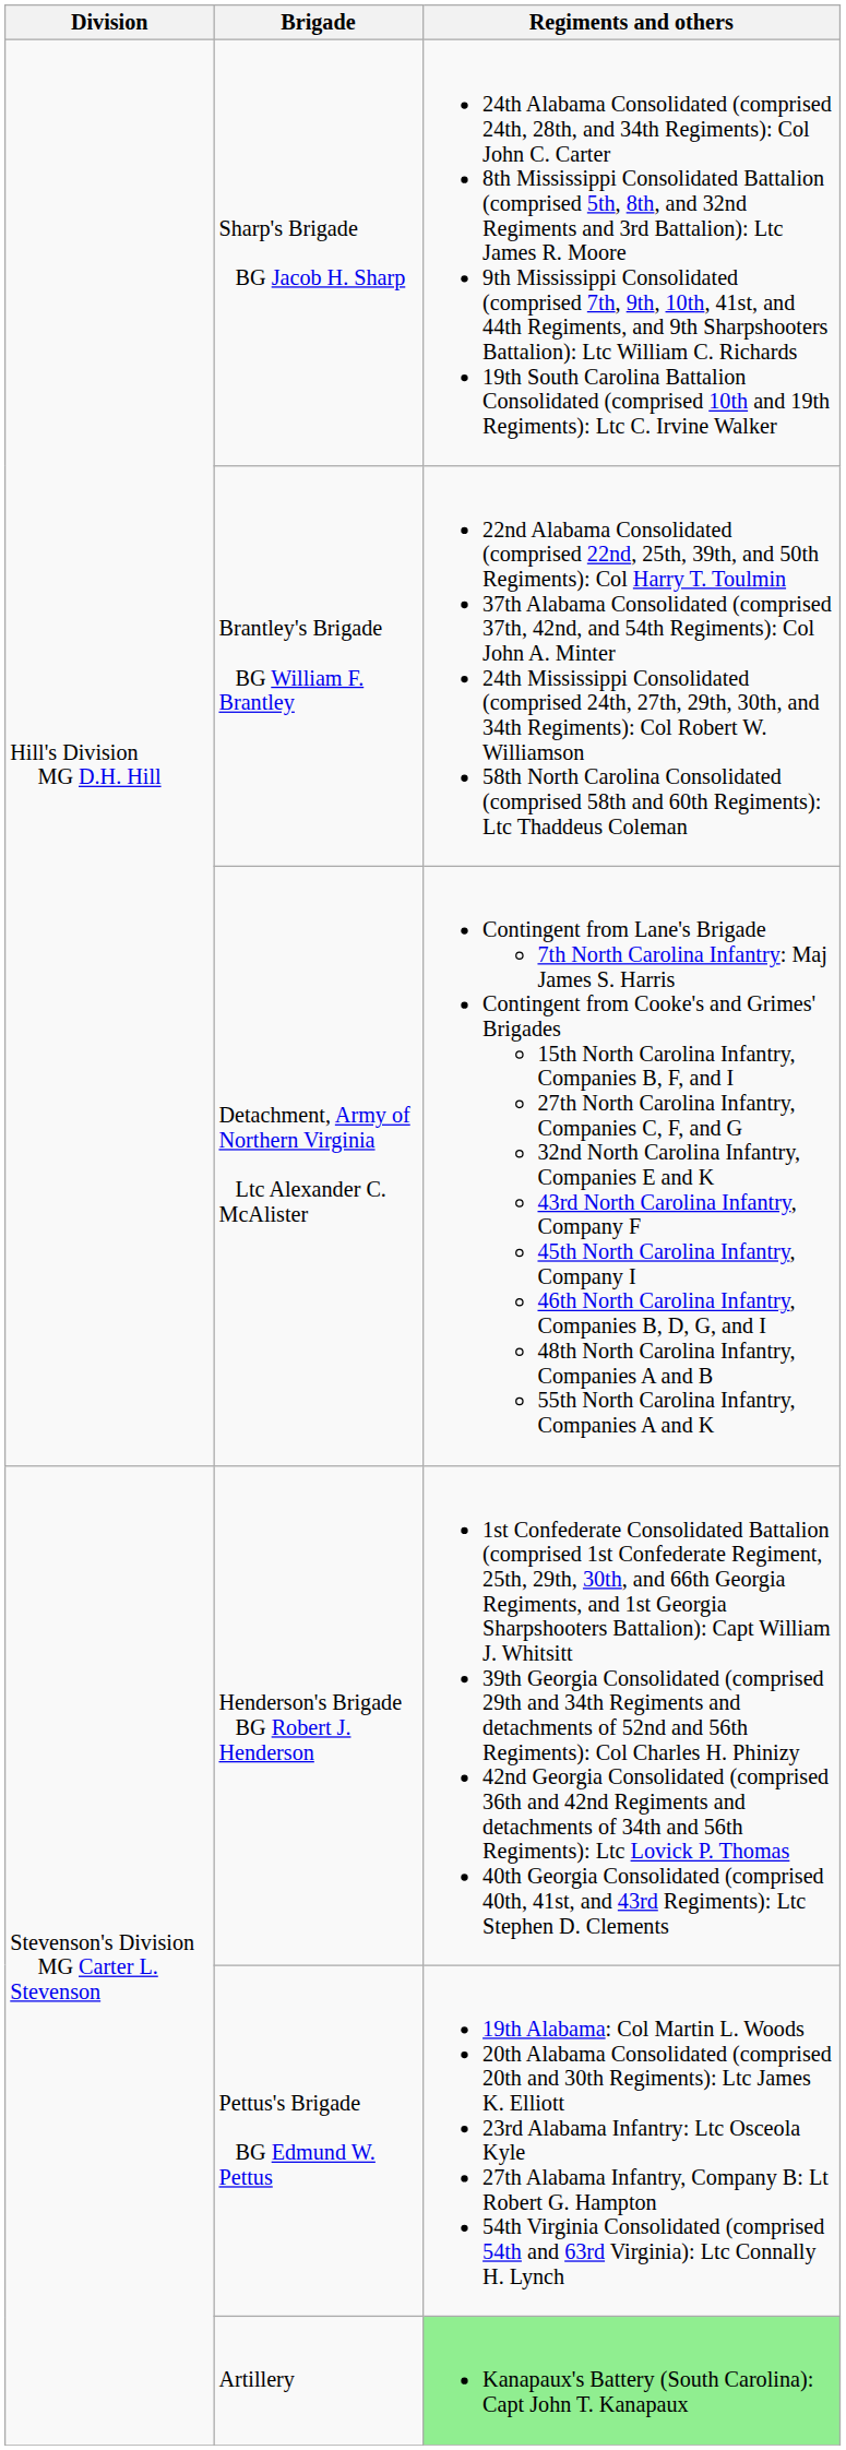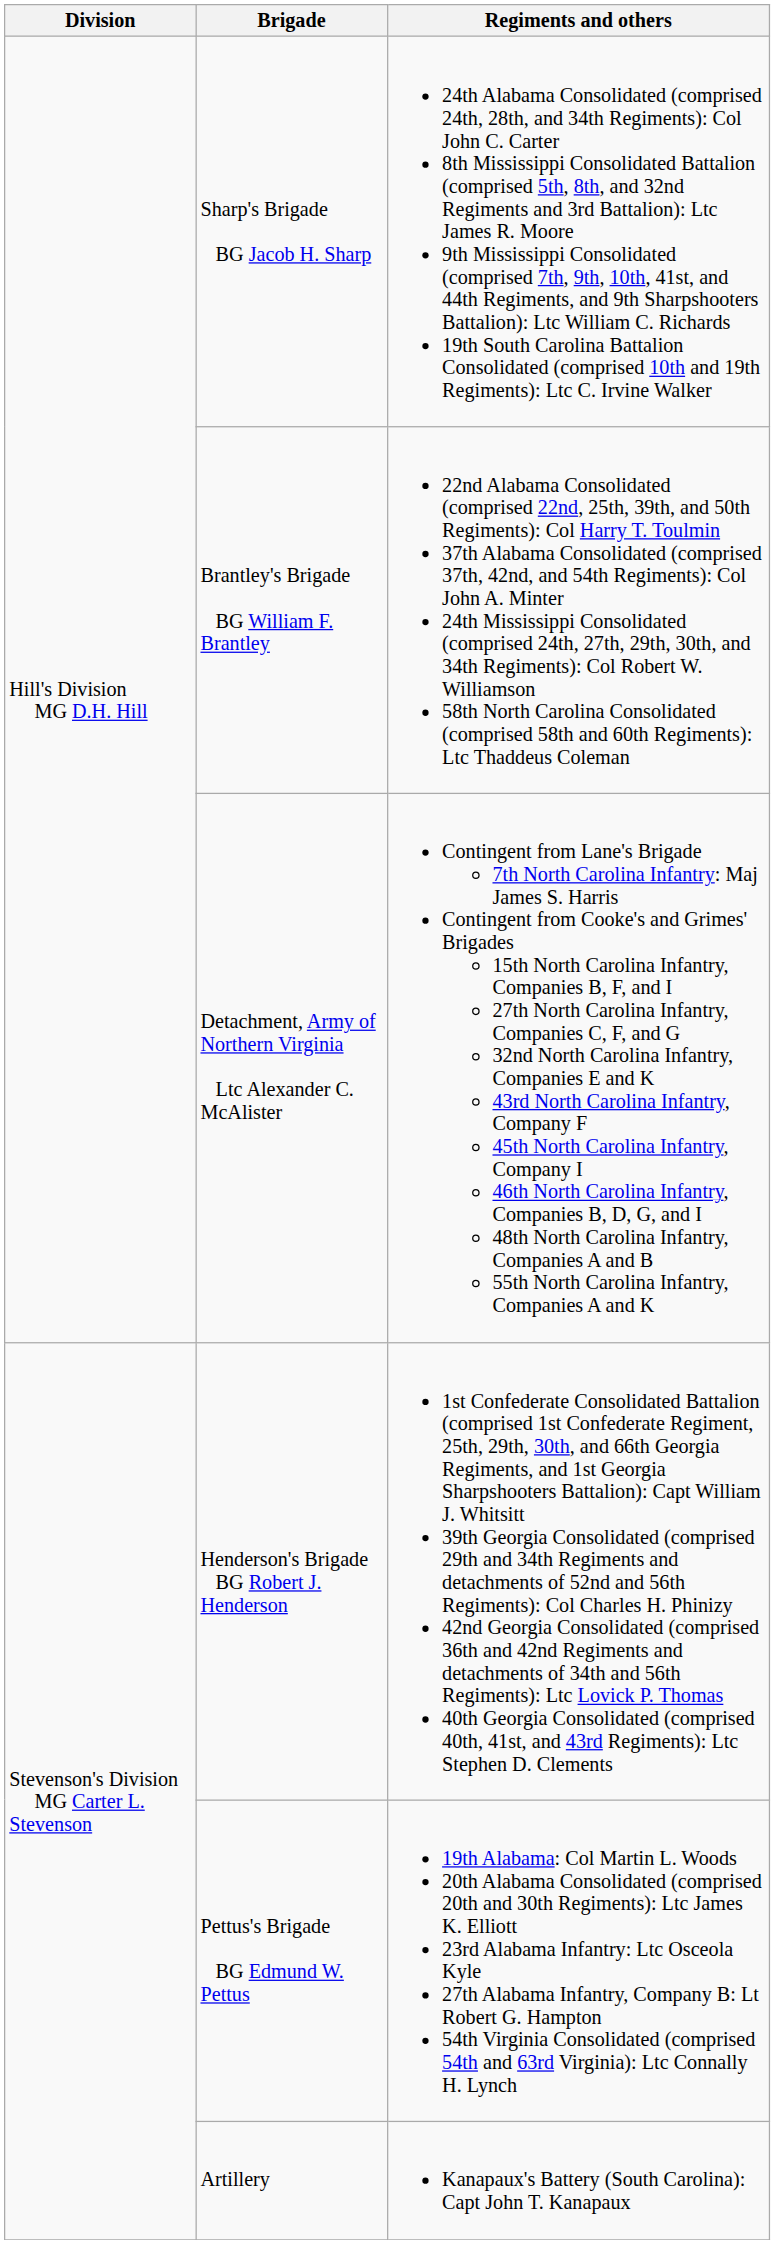 <table class="wikitable">
 <tr>
 <th width=25%>Division</th>
 <th width=25%>Brigade</th>
 <th>Regiments and others</th>
 </tr>
 <tr>
 <td rowspan=3><br>Hill's Division <br>     MG <a href='#'>D.H. Hill</a></td>
 <td>Sharp's Brigade<br><br>   BG <a href='#'>Jacob H. Sharp</a></td>
 <td><br><ul><li>24th Alabama Consolidated (comprised 24th, 28th, and 34th Regiments): Col John C. Carter</li><li>8th Mississippi Consolidated Battalion (comprised <a href='#'>5th</a>, <a href='#'>8th</a>, and 32nd Regiments and 3rd Battalion): Ltc James R. Moore</li><li>9th Mississippi Consolidated (comprised <a href='#'>7th</a>, <a href='#'>9th</a>, <a href='#'>10th</a>, 41st, and 44th Regiments, and 9th Sharpshooters Battalion): Ltc William C. Richards</li><li>19th South Carolina Battalion Consolidated (comprised <a href='#'>10th</a> and 19th Regiments): Ltc C. Irvine Walker</li></ul></td>
 </tr>
 <tr>
 <td>Brantley's Brigade<br><br>   BG <a href='#'>William F. Brantley</a></td>
 <td><br><ul><li>22nd Alabama Consolidated (comprised <a href='#'>22nd</a>, 25th, 39th, and 50th Regiments): Col <a href='#'>Harry T. Toulmin</a></li><li>37th Alabama Consolidated (comprised 37th, 42nd, and 54th Regiments): Col John A. Minter</li><li>24th Mississippi Consolidated (comprised 24th, 27th, 29th, 30th, and 34th Regiments): Col Robert W. Williamson</li><li>58th North Carolina Consolidated (comprised 58th and 60th Regiments): Ltc Thaddeus Coleman</li></ul></td>
 </tr>
 <tr>
 <td>Detachment, <a href='#'>Army of Northern Virginia</a><br><br>   Ltc Alexander C. McAlister</td>
 <td><br><ul><li>Contingent from Lane's Brigade<ul><li><a href='#'>7th North Carolina Infantry</a>: Maj James S. Harris</li></ul></li><li>Contingent from Cooke's and Grimes' Brigades<ul><li>15th North Carolina Infantry, Companies B, F, and I</li><li>27th North Carolina Infantry, Companies C,  F, and G</li><li>32nd North Carolina Infantry, Companies E and K</li><li><a href='#'>43rd North Carolina Infantry</a>, Company F</li><li><a href='#'>45th North Carolina Infantry</a>, Company I</li><li><a href='#'>46th North Carolina Infantry</a>, Companies B, D, G, and I</li><li>48th North Carolina Infantry, Companies A and B</li><li>55th North Carolina Infantry, Companies A and K</li></ul></li></ul></td>
 </tr>
 <tr>
 <td rowspan=3><br>Stevenson's Division <br>     MG <a href='#'>Carter L. Stevenson</a></td>
 <td><br>Henderson's Brigade <br>   BG <a href='#'>Robert J. Henderson</a></td>
 <td><br><ul><li>1st Confederate Consolidated Battalion (comprised 1st Confederate Regiment, 25th, 29th, <a href='#'>30th</a>, and 66th Georgia Regiments, and 1st Georgia Sharpshooters Battalion): Capt William J. Whitsitt</li><li>39th Georgia Consolidated (comprised 29th and 34th Regiments and detachments of 52nd and 56th Regiments): Col Charles H. Phinizy</li><li>42nd Georgia Consolidated (comprised 36th and 42nd Regiments and detachments of 34th and 56th Regiments): Ltc <a href='#'>Lovick P. Thomas</a></li><li>40th Georgia Consolidated (comprised 40th, 41st, and <a href='#'>43rd</a> Regiments): Ltc Stephen D. Clements</li></ul></td>
 </tr>
 <tr>
 <td>Pettus's Brigade<br><br>   BG <a href='#'>Edmund W. Pettus</a></td>
 <td><br><ul><li><a href='#'>19th Alabama</a>: Col Martin L. Woods</li><li>20th Alabama Consolidated (comprised 20th and 30th Regiments): Ltc James K. Elliott</li><li>23rd Alabama Infantry: Ltc Osceola Kyle</li><li>27th Alabama Infantry, Company B: Lt Robert G. Hampton</li><li>54th Virginia Consolidated (comprised <a href='#'>54th</a> and <a href='#'>63rd</a> Virginia): Ltc Connally H. Lynch</li></ul></td>
 </tr>
 <tr>
 <td>Artillery</td>
-<td style="background: lightgreen;"><br><ul><li>Kanapaux's Battery (South Carolina): Capt John T. Kanapaux</li></ul></td>
+<td><br><ul><li>Kanapaux's Battery (South Carolina): Capt John T. Kanapaux</li></ul></td>
 </tr>
 </table>
